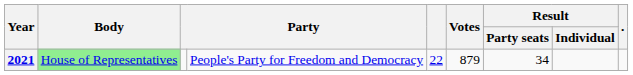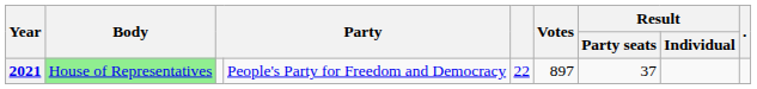 <table class="wikitable plainrowheaders sortable" border=2 cellpadding=4 cellspacing=0 style="border: 1px #aaa solid; font-size: 90%; text-align:center;">
 <tr>
 <th scope="col" rowspan=2>Year</th>
 <th scope="col" rowspan=2>Body</th>
 <th scope="col" colspan=2 rowspan=2>Party</th>
 <th scope="col" rowspan=2></th>
 <th scope="col" rowspan=2>Votes</th>
 <th scope="colgroup" colspan=2>Result</th>
 <th scope="col" rowspan=2 class="unsortable">.</th>
 </tr>
 <tr>
 <th scope="col">Party seats</th>
 <th scope="col">Individual</th>
 </tr>
 <tr>
 <th scope="row"><a href='#'>2021</a></th>
 <td style="background: lightgreen;"><a href='#'>House of Representatives</a></td>
 <td style="background-color:"></td>
 <td><a href='#'>People's Party for Freedom and Democracy</a></td>
 <td style=text-align:right><a href='#'>22</a></td>
-<td style=text-align:right>879</td>
-<td style=text-align:right>34</td>
+<td style=text-align:right>897</td>
+<td style=text-align:right>37</td>
 <td></td>
 <td></td>
 </tr>
 </table>
